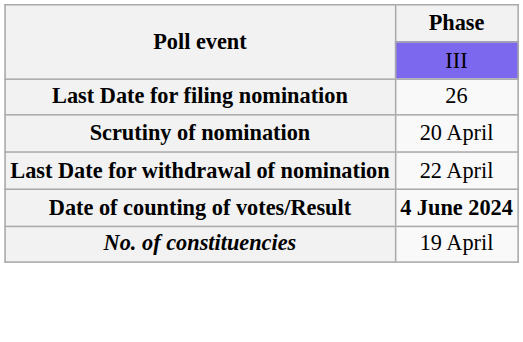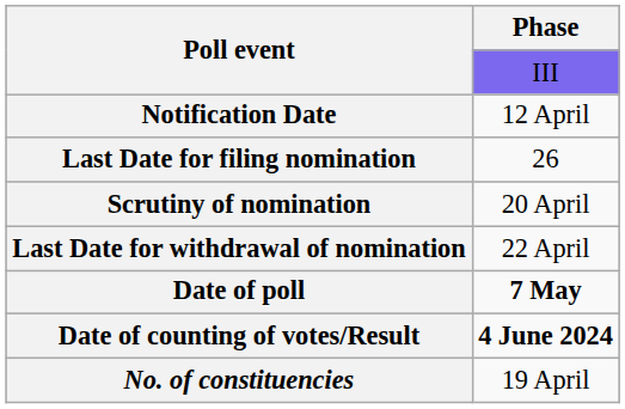 <table class="wikitable" style="text-align:center;margin:auto;font-size:90%;">
 <tr>
 <th rowspan=2>Poll event</th>
 <th>Phase</th>
 </tr>
 <tr>
 <td bgcolor=#7B68EE>III</td>
+</tr>
+<tr>
+<th>Notification Date</th>
+<td>12 April</td>
 </tr>
 <tr>
 <th>Last Date for filing nomination</th>
 <td>26</td>
 </tr>
 <tr>
 <th>Scrutiny of nomination</th>
 <td>20 April</td>
 </tr>
 <tr>
 <th>Last Date for withdrawal of nomination</th>
 <td>22 April</td>
 </tr>
 <tr>
+<th>Date of poll</th>
+<td><strong>7 May</strong></td>
+</tr>
+<tr>
 <th>Date of counting of votes/Result</th>
 <td><strong>4 June 2024</strong></td>
 </tr>
 <tr>
 <th><strong><em>No. of constituencies</em></strong></th>
 <td>19 April</td>
 </tr>
 </table>
